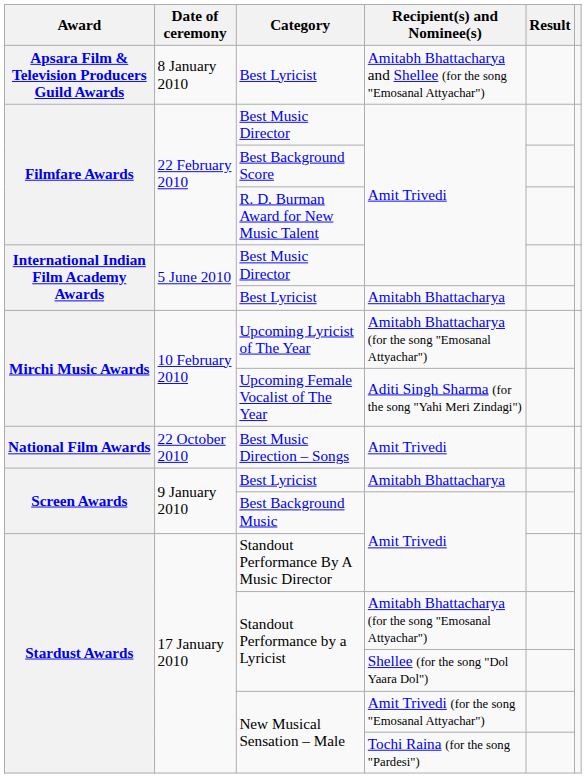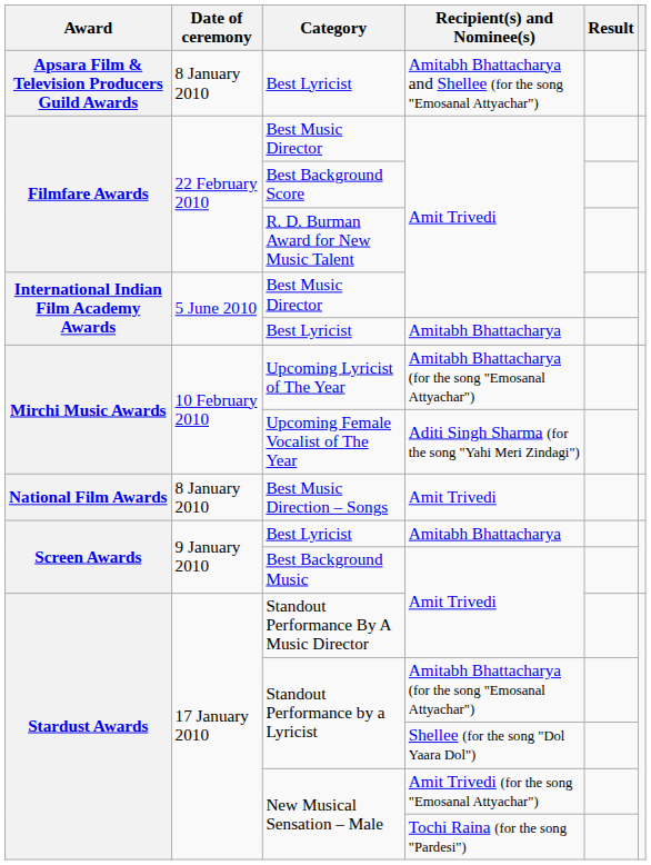 <table class="wikitable plainrowheaders sortable">
 <tr>
 <th scope="col">Award</th>
 <th scope="col">Date of ceremony</th>
 <th scope="col">Category</th>
 <th scope="col">Recipient(s) and Nominee(s)</th>
 <th scope="col">Result</th>
 <th scope="col" class="unsortable"></th>
 </tr>
 <tr>
 <th scope="row"><a href='#'>Apsara Film & Television Producers Guild Awards</a></th>
 <td>8 January 2010</td>
 <td><a href='#'>Best Lyricist</a></td>
 <td><a href='#'>Amitabh Bhattacharya</a> and <a href='#'>Shellee</a> <small>(for the song "Emosanal Attyachar")</small></td>
 <td></td>
 <td style="text-align:center;"></td>
 </tr>
 <tr>
 <th scope="row" rowspan="3"><a href='#'>Filmfare Awards</a></th>
 <td rowspan="3"><a href='#'>22 February 2010</a></td>
 <td><a href='#'>Best Music Director</a></td>
 <td rowspan="4"><a href='#'>Amit Trivedi</a></td>
 <td></td>
 <td rowspan="3" style="text-align:center;"><br></td>
 </tr>
 <tr>
 <td><a href='#'>Best Background Score</a></td>
 <td></td>
 </tr>
 <tr>
 <td><a href='#'>R. D. Burman Award for New Music Talent</a></td>
 <td></td>
 </tr>
 <tr>
 <th scope="row" rowspan="2"><a href='#'>International Indian Film Academy Awards</a></th>
 <td rowspan="2"><a href='#'>5 June 2010</a></td>
 <td><a href='#'>Best Music Director</a></td>
 <td></td>
 <td rowspan="2" style="text-align:center;"></td>
 </tr>
 <tr>
 <td><a href='#'>Best Lyricist</a></td>
 <td><a href='#'>Amitabh Bhattacharya</a></td>
 <td></td>
 </tr>
 <tr>
 <th scope="row" rowspan="2"><a href='#'>Mirchi Music Awards</a></th>
 <td rowspan="2"><a href='#'>10 February 2010</a></td>
 <td><a href='#'>Upcoming Lyricist of The Year</a></td>
 <td><a href='#'>Amitabh Bhattacharya</a> <small>(for the song "Emosanal Attyachar")</small></td>
 <td></td>
 <td rowspan="2" style="text-align:center;"></td>
 </tr>
 <tr>
 <td><a href='#'>Upcoming Female Vocalist of The Year</a></td>
 <td><a href='#'>Aditi Singh Sharma</a> <small>(for the song "Yahi Meri Zindagi")</small></td>
 <td></td>
 </tr>
 <tr>
 <th scope="row"><a href='#'>National Film Awards</a></th>
-<td><a href='#'>22 October 2010</a></td>
+<td>8 January 2010</td>
 <td><a href='#'>Best Music Direction – Songs</a></td>
 <td><a href='#'>Amit Trivedi</a></td>
 <td></td>
 <td style="text-align:center;"></td>
 </tr>
 <tr>
 <th scope="row" rowspan="2"><a href='#'>Screen Awards</a></th>
 <td rowspan="2">9 January 2010</td>
 <td><a href='#'>Best Lyricist</a></td>
 <td><a href='#'>Amitabh Bhattacharya</a></td>
 <td></td>
 <td rowspan="2" style="text-align:center;"><br></td>
 </tr>
 <tr>
 <td><a href='#'>Best Background Music</a></td>
 <td rowspan="2"><a href='#'>Amit Trivedi</a></td>
 <td></td>
 </tr>
 <tr>
 <th scope="row" rowspan="5"><a href='#'>Stardust Awards</a></th>
 <td rowspan="5">17 January 2010</td>
 <td>Standout Performance By A Music Director</td>
 <td></td>
 <td rowspan="5" style="text-align:center;"><br></td>
 </tr>
 <tr>
 <td rowspan="2">Standout Performance by a Lyricist</td>
 <td><a href='#'>Amitabh Bhattacharya</a> <small>(for the song "Emosanal Attyachar")</small></td>
 <td></td>
 </tr>
 <tr>
 <td><a href='#'>Shellee</a> <small>(for the song "Dol Yaara Dol")</small></td>
 <td></td>
 </tr>
 <tr>
 <td rowspan="2">New Musical Sensation – Male</td>
 <td><a href='#'>Amit Trivedi</a> <small>(for the song "Emosanal Attyachar")</small></td>
 <td></td>
 </tr>
 <tr>
 <td><a href='#'>Tochi Raina</a> <small>(for the song "Pardesi")</small></td>
 <td></td>
 </tr>
 </table>
